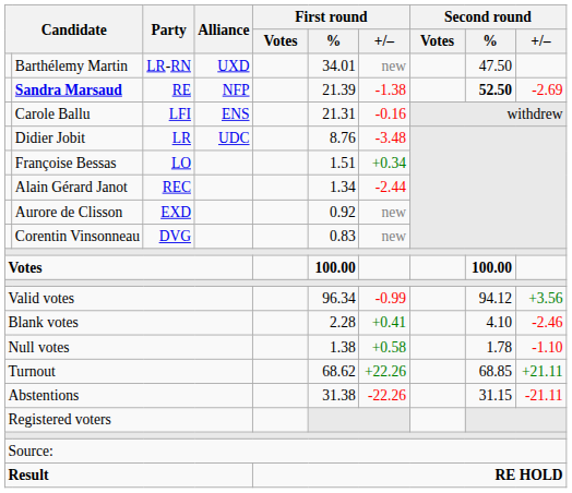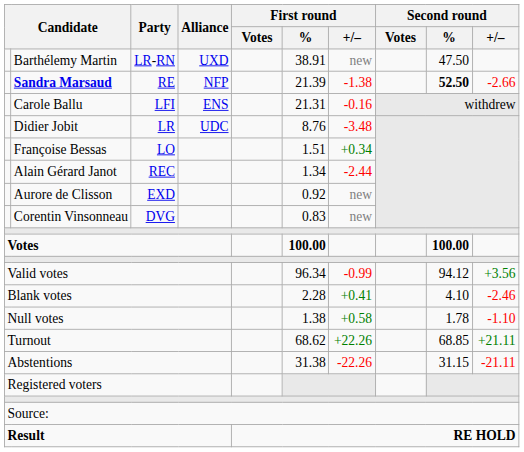 <table class="wikitable" style="text-align:right;font-size:95%;">
 <tr>
 <th rowspan="2" colspan="2">Candidate</th>
 <th colspan="1" rowspan="2">Party</th>
 <th colspan="1" rowspan="2">Alliance</th>
 <th colspan="3">First round</th>
 <th colspan="3">Second round</th>
 </tr>
 <tr>
 <th style="width:50px;">Votes</th>
 <th style="width:45px;">%</th>
 <th style="width:45px;">+/–</th>
 <th style="width:50px;">Votes</th>
 <th style="width:45px;">%</th>
 <th style="width:45px;">+/–</th>
 </tr>
 <tr>
 <td style="color:inherit;background:"></td>
 <td style="text-align:left;">Barthélemy Martin</td>
 <td><a href='#'>LR</a>-<a href='#'>RN</a></td>
 <td><a href='#'>UXD</a></td>
 <td></td>
-<td>34.01</td>
+<td>38.91</td>
 <td style="color:grey;">new</td>
 <td></td>
 <td>47.50</td>
 <td style="color:grey;"></td>
 </tr>
 <tr>
 <td style="color:inherit;background:"></td>
 <td style="text-align:left;"><strong><a href='#'>Sandra Marsaud</a></strong></td>
 <td><a href='#'>RE</a></td>
 <td><a href='#'>NFP</a></td>
 <td></td>
 <td>21.39</td>
 <td style="color:red;">-1.38</td>
 <td><strong></strong></td>
 <td><strong>52.50</strong></td>
-<td style="color:red;">-2.69</td>
+<td style="color:red;">-2.66</td>
 </tr>
 <tr>
 <td style="color:inherit;background:"></td>
 <td style="text-align:left;">Carole Ballu</td>
 <td><a href='#'>LFI</a></td>
 <td><a href='#'>ENS</a></td>
 <td></td>
 <td>21.31</td>
 <td style="color:red;">-0.16</td>
 <td colspan="3" style="background:#E9E9E9;">withdrew</td>
 </tr>
 <tr>
 <td style="color:inherit;background:"></td>
 <td style="text-align:left;">Didier Jobit</td>
 <td><a href='#'>LR</a></td>
 <td><a href='#'>UDC</a></td>
 <td></td>
 <td>8.76</td>
 <td style="color:red;">-3.48</td>
 <td colspan="3" rowspan="5" style="background:#E9E9E9;"></td>
 </tr>
 <tr>
 <td style="color:inherit;background:"></td>
 <td style="text-align:left;">Françoise Bessas</td>
 <td><a href='#'>LO</a></td>
 <td></td>
 <td></td>
 <td>1.51</td>
 <td style="color:green;">+0.34</td>
 </tr>
 <tr>
 <td style="color:inherit;background:"></td>
 <td style="text-align:left;">Alain Gérard Janot</td>
 <td><a href='#'>REC</a></td>
 <td></td>
 <td></td>
 <td>1.34</td>
 <td style="color:red;">-2.44</td>
 </tr>
 <tr>
 <td style="color:inherit;background:"></td>
 <td style="text-align:left;">Aurore de Clisson</td>
 <td><a href='#'>EXD</a></td>
 <td></td>
 <td></td>
 <td>0.92</td>
 <td style="color:grey;">new</td>
 </tr>
 <tr>
 <td style="color:inherit;background:"></td>
 <td style="text-align:left;">Corentin Vinsonneau</td>
 <td><a href='#'>DVG</a></td>
 <td></td>
 <td></td>
 <td>0.83</td>
 <td style="color:grey;">new</td>
 </tr>
 <tr>
 <td colspan="10" style="background:#E9E9E9;"></td>
 </tr>
 <tr style="font-weight:bold;">
 <td colspan="4" style="text-align:left;">Votes</td>
 <td></td>
 <td>100.00</td>
 <td></td>
 <td></td>
 <td>100.00</td>
 <td></td>
 </tr>
 <tr>
 <td colspan="10" style="background:#E9E9E9;"></td>
 </tr>
 <tr>
 <td colspan="4" style="text-align:left;">Valid votes</td>
 <td></td>
 <td>96.34</td>
 <td style="color:red;">-0.99</td>
 <td></td>
 <td>94.12</td>
 <td style="color:green;">+3.56</td>
 </tr>
 <tr>
 <td colspan="4" style="text-align:left;">Blank votes</td>
 <td></td>
 <td>2.28</td>
 <td style="color:green;">+0.41</td>
 <td></td>
 <td>4.10</td>
 <td style="color:red;">-2.46</td>
 </tr>
 <tr>
 <td colspan="4" style="text-align:left;">Null votes</td>
 <td></td>
 <td>1.38</td>
 <td style="color:green;">+0.58</td>
 <td></td>
 <td>1.78</td>
 <td style="color:red;">-1.10</td>
 </tr>
 <tr>
 <td colspan="4" style="text-align:left;">Turnout</td>
 <td></td>
 <td>68.62</td>
 <td style="color:green;">+22.26</td>
 <td></td>
 <td>68.85</td>
 <td style="color:green;">+21.11</td>
 </tr>
 <tr>
 <td colspan="4" style="text-align:left;">Abstentions</td>
 <td></td>
 <td>31.38</td>
 <td style="color:red;">-22.26</td>
 <td></td>
 <td>31.15</td>
 <td style="color:red;">-21.11</td>
 </tr>
 <tr>
 <td colspan="4" style="text-align:left;">Registered voters</td>
 <td></td>
 <td colspan="2" style="background:#E9E9E9;"></td>
 <td></td>
 <td colspan="2" style="background:#E9E9E9;"></td>
 </tr>
 <tr>
 <td colspan="10" style="background:#E9E9E9;"></td>
 </tr>
 <tr>
 <td colspan="10" style="text-align:left;">Source: </td>
 </tr>
 <tr style="font-weight:bold">
 <td colspan="4" style="text-align:left;">Result</td>
 <td colspan="6" style="background-color:">RE HOLD</td>
 </tr>
 </table>
